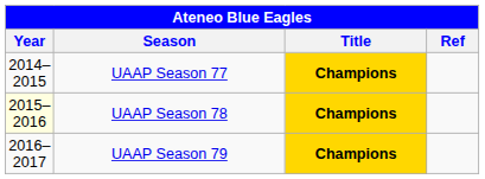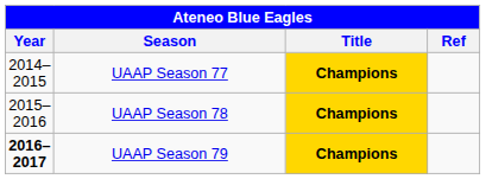 <table class="wikitable sortable" style="font-size:95%; text-align:left;">
 <tr>
 <th colspan="4" style= "background: blue; color: white; text-align: center"><strong>Ateneo Blue Eagles</strong></th>
 </tr>
 <tr style="background: white; color: blue">
 <th style= "align=center; width:1em;">Year</th>
 <th style= "align=center;width:15em;">Season</th>
 <th style= "align=center; width:9em;">Title</th>
 <th style= "align=center; width:3em;">Ref</th>
 </tr>
 <tr align=center>
 <td>2014–2015</td>
 <td><a href='#'>UAAP Season 77</a></td>
 <td style="background:gold;"><strong>Champions</strong></td>
 <td></td>
 </tr>
 <tr align=center>
-<td style="background: lightyellow;">2015–2016</td>
+<td>2015–2016</td>
 <td><a href='#'>UAAP Season 78</a></td>
 <td style="background:gold;"><strong>Champions</strong></td>
 <td></td>
 </tr>
 <tr align=center>
-<td>2016–2017</td>
+<td><strong>2016–2017</strong></td>
 <td><a href='#'>UAAP Season 79</a></td>
 <td style="background:gold;"><strong>Champions</strong></td>
 <td></td>
 </tr>
 </table>
